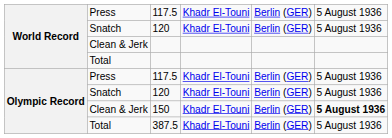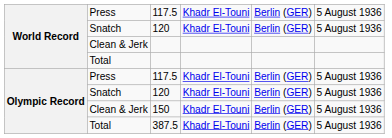 <table class="wikitable" style="font-size:95%;">
 <tr>
 <th rowspan=4>World Record</th>
 <td>Press</td>
 <td>117.5</td>
 <td> <a href='#'>Khadr El-Touni</a></td>
 <td><a href='#'>Berlin</a> (<a href='#'>GER</a>)</td>
 <td>5 August 1936</td>
 </tr>
 <tr>
 <td>Snatch</td>
 <td>120</td>
 <td> <a href='#'>Khadr El-Touni</a></td>
 <td><a href='#'>Berlin</a> (<a href='#'>GER</a>)</td>
 <td>5 August 1936</td>
 </tr>
 <tr>
 <td>Clean & Jerk</td>
 <td></td>
 <td></td>
 <td></td>
 <td></td>
 </tr>
 <tr>
 <td>Total</td>
 <td></td>
 <td></td>
 <td></td>
 <td></td>
 </tr>
 <tr>
 <th rowspan=4>Olympic Record</th>
 <td>Press</td>
 <td>117.5</td>
 <td> <a href='#'>Khadr El-Touni</a></td>
 <td><a href='#'>Berlin</a> (<a href='#'>GER</a>)</td>
 <td>5 August 1936</td>
 </tr>
 <tr>
 <td>Snatch</td>
 <td>120</td>
 <td> <a href='#'>Khadr El-Touni</a></td>
 <td><a href='#'>Berlin</a> (<a href='#'>GER</a>)</td>
 <td>5 August 1936</td>
 </tr>
 <tr>
 <td>Clean & Jerk</td>
 <td>150</td>
 <td> <a href='#'>Khadr El-Touni</a></td>
 <td><a href='#'>Berlin</a> (<a href='#'>GER</a>)</td>
-<td><strong>5 August 1936</strong></td>
+<td>5 August 1936</td>
 </tr>
 <tr>
 <td>Total</td>
 <td>387.5</td>
 <td> <a href='#'>Khadr El-Touni</a></td>
 <td><a href='#'>Berlin</a> (<a href='#'>GER</a>)</td>
 <td>5 August 1936</td>
 </tr>
 </table>
